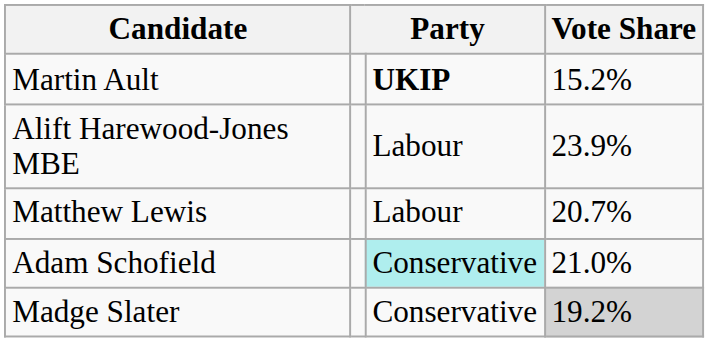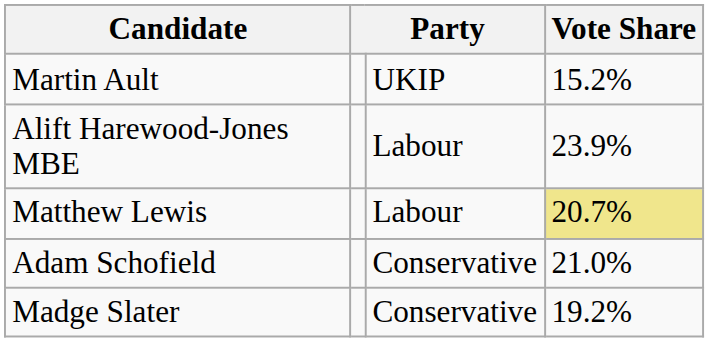 <table class="wikitable">
 <tr>
 <th width="170">Candidate</th>
 <th colspan="2">Party</th>
 <th>Vote Share</th>
 </tr>
 <tr>
 <td>Martin Ault</td>
 <td style="color:inherit;background:"></td>
-<td><strong>UKIP</strong></td>
+<td>UKIP</td>
 <td>15.2%</td>
 </tr>
 <tr>
 <td>Alift Harewood-Jones MBE</td>
 <td style="color:inherit;background:"></td>
 <td>Labour</td>
 <td>23.9%</td>
 </tr>
 <tr>
 <td>Matthew Lewis</td>
 <td style="color:inherit;background:"></td>
 <td>Labour</td>
-<td>20.7%</td>
+<td style="background: khaki;">20.7%</td>
 </tr>
 <tr>
 <td>Adam Schofield</td>
 <td style="color:inherit;background:"></td>
-<td style="background: paleturquoise;">Conservative</td>
+<td>Conservative</td>
 <td>21.0%</td>
 </tr>
 <tr>
 <td>Madge Slater</td>
 <td style="color:inherit;background:"></td>
 <td>Conservative</td>
-<td style="background: lightgrey;">19.2%</td>
+<td>19.2%</td>
 </tr>
 </table>
